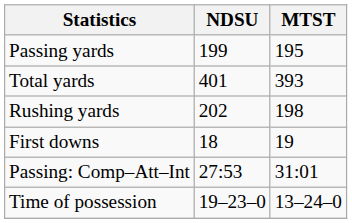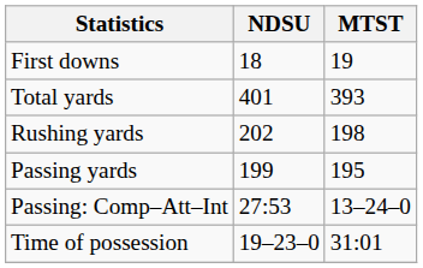 <table class="wikitable" style="float: left;">
 <tr>
 <th>Statistics</th>
 <th>NDSU</th>
 <th>MTST</th>
 </tr>
 <tr>
-<td>Passing yards</td>
-<td>199</td>
-<td>195</td>
+<td>First downs</td>
+<td>18</td>
+<td>19</td>
 </tr>
 <tr>
 <td>Total yards</td>
 <td>401</td>
 <td>393</td>
 </tr>
 <tr>
 <td>Rushing yards</td>
 <td>202</td>
 <td>198</td>
 </tr>
 <tr>
-<td>First downs</td>
-<td>18</td>
-<td>19</td>
+<td>Passing yards</td>
+<td>199</td>
+<td>195</td>
 </tr>
 <tr>
 <td>Passing: Comp–Att–Int</td>
 <td>27:53</td>
-<td>31:01</td>
+<td>13–24–0</td>
 </tr>
 <tr>
 <td>Time of possession</td>
 <td>19–23–0</td>
-<td>13–24–0</td>
+<td>31:01</td>
 </tr>
 <tr>
 </tr>
 </table>
